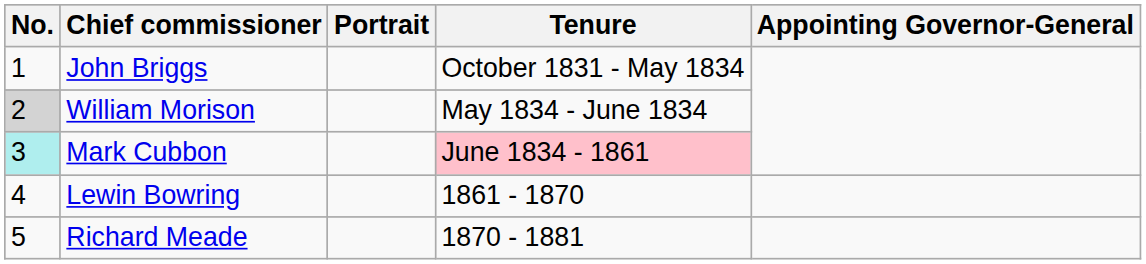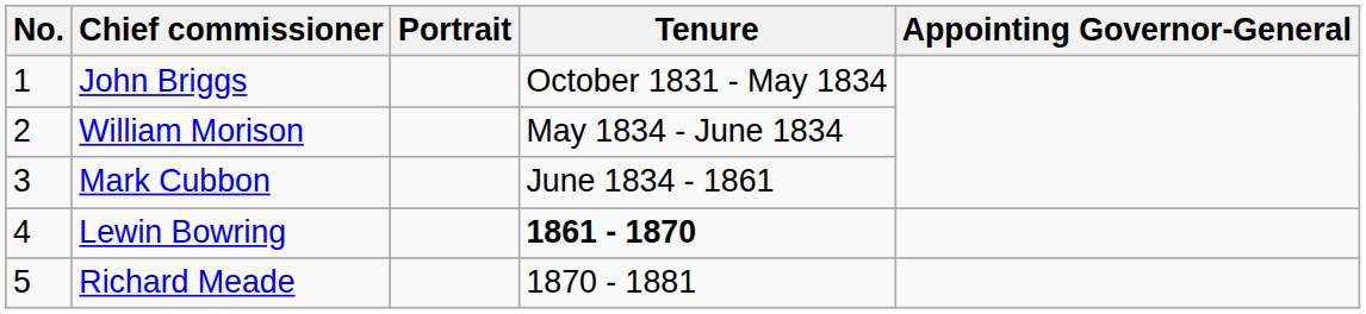 <table class="wikitable">
 <tr>
 <th>No.</th>
 <th>Chief commissioner</th>
 <th>Portrait</th>
 <th>Tenure</th>
 <th>Appointing Governor-General</th>
 </tr>
 <tr>
 <td>1</td>
 <td><a href='#'>John Briggs</a></td>
 <td></td>
 <td>October 1831 - May 1834</td>
 <td rowspan="3"></td>
 </tr>
 <tr>
-<td style="background: lightgrey;">2</td>
+<td>2</td>
 <td><a href='#'>William Morison</a></td>
 <td></td>
 <td>May 1834 - June 1834</td>
 </tr>
 <tr>
-<td style="background: paleturquoise;">3</td>
+<td>3</td>
 <td><a href='#'>Mark Cubbon</a></td>
 <td></td>
-<td style="background: pink;">June 1834 - 1861</td>
+<td>June 1834 - 1861</td>
 </tr>
 <tr>
 <td>4</td>
 <td><a href='#'>Lewin Bowring</a></td>
 <td></td>
-<td>1861 - 1870</td>
+<td><strong>1861 - 1870</strong></td>
 <td></td>
 </tr>
 <tr>
 <td>5</td>
 <td><a href='#'>Richard Meade</a></td>
 <td></td>
 <td>1870 - 1881</td>
 <td></td>
 </tr>
 </table>
